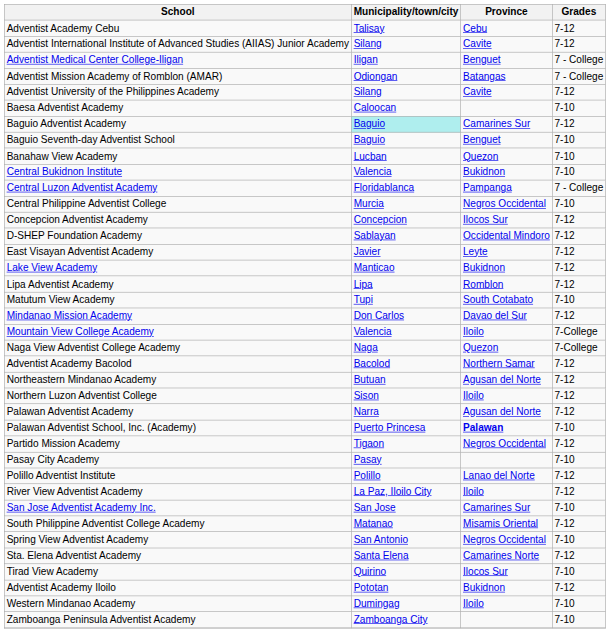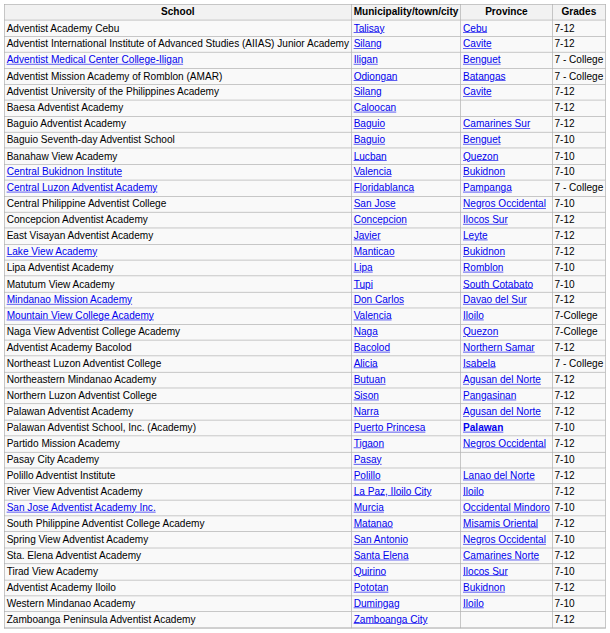 <table class="wikitable sortable" style="text-alignnorth:left;">
 <tr>
 <th>School</th>
 <th>Municipality/town/city</th>
 <th>Province</th>
 <th>Grades</th>
 </tr>
 <tr>
 <td>Adventist Academy Cebu </td>
 <td><a href='#'>Talisay</a></td>
 <td><a href='#'>Cebu</a></td>
 <td>7-12</td>
 </tr>
 <tr>
 <td>Adventist International Institute of Advanced Studies (AIIAS) Junior Academy</td>
 <td><a href='#'>Silang</a></td>
 <td><a href='#'>Cavite</a></td>
 <td>7-12</td>
 </tr>
 <tr>
 <td><a href='#'>Adventist Medical Center College-Iligan</a></td>
 <td><a href='#'>Iligan</a></td>
 <td><a href='#'>Benguet</a></td>
 <td>7 - College</td>
 </tr>
 <tr>
 <td>Adventist Mission Academy of Romblon (AMAR)</td>
 <td><a href='#'>Odiongan</a></td>
 <td><a href='#'>Batangas</a></td>
 <td>7 - College</td>
 </tr>
 <tr>
 <td>Adventist University of the Philippines Academy</td>
 <td><a href='#'>Silang</a></td>
 <td><a href='#'>Cavite</a></td>
 <td>7-12</td>
 </tr>
 <tr>
 <td>Baesa Adventist Academy</td>
 <td><a href='#'>Caloocan</a></td>
 <td></td>
-<td>7-10</td>
+<td>7-12</td>
 </tr>
 <tr>
 <td>Baguio Adventist Academy</td>
-<td style="background: paleturquoise;"><a href='#'>Baguio</a></td>
+<td><a href='#'>Baguio</a></td>
 <td><a href='#'>Camarines Sur</a></td>
 <td>7-12</td>
 </tr>
 <tr>
 <td>Baguio Seventh-day Adventist School</td>
 <td><a href='#'>Baguio</a></td>
 <td><a href='#'>Benguet</a></td>
 <td>7-10</td>
 </tr>
 <tr>
 <td>Banahaw View Academy</td>
 <td><a href='#'>Lucban</a></td>
 <td><a href='#'>Quezon</a></td>
 <td>7-10</td>
 </tr>
 <tr>
 <td><a href='#'>Central Bukidnon Institute</a></td>
 <td><a href='#'>Valencia</a></td>
 <td><a href='#'>Bukidnon</a></td>
 <td>7-10</td>
 </tr>
 <tr>
 <td><a href='#'>Central Luzon Adventist Academy</a></td>
 <td><a href='#'>Floridablanca</a></td>
 <td><a href='#'>Pampanga</a></td>
 <td>7 - College</td>
 </tr>
 <tr>
 <td>Central Philippine Adventist College</td>
-<td><a href='#'>Murcia</a></td>
+<td><a href='#'>San Jose</a></td>
 <td><a href='#'>Negros Occidental</a></td>
 <td>7-10</td>
 </tr>
 <tr>
 <td>Concepcion Adventist Academy</td>
 <td><a href='#'>Concepcion</a></td>
 <td><a href='#'>Ilocos Sur</a></td>
-<td>7-12</td>
-</tr>
-<tr>
-<td>D-SHEP Foundation Academy</td>
-<td><a href='#'>Sablayan</a></td>
-<td><a href='#'>Occidental Mindoro</a></td>
 <td>7-12</td>
 </tr>
 <tr>
 <td>East Visayan Adventist Academy</td>
 <td><a href='#'>Javier</a></td>
 <td><a href='#'>Leyte</a></td>
 <td>7-12</td>
 </tr>
 <tr>
 <td><a href='#'>Lake View Academy</a></td>
 <td><a href='#'>Manticao</a></td>
 <td><a href='#'>Bukidnon</a></td>
 <td>7-12</td>
 </tr>
 <tr>
 <td>Lipa Adventist Academy</td>
 <td><a href='#'>Lipa</a></td>
 <td><a href='#'>Romblon</a></td>
-<td>7-12</td>
+<td>7-10</td>
 </tr>
 <tr>
 <td>Matutum View Academy</td>
 <td><a href='#'>Tupi</a></td>
 <td><a href='#'>South Cotabato</a></td>
 <td>7-10</td>
 </tr>
 <tr>
 <td><a href='#'>Mindanao Mission Academy</a></td>
 <td><a href='#'>Don Carlos</a></td>
 <td><a href='#'>Davao del Sur</a></td>
 <td>7-12</td>
 </tr>
 <tr>
 <td><a href='#'>Mountain View College Academy</a></td>
 <td><a href='#'>Valencia</a></td>
 <td><a href='#'>Iloilo</a></td>
 <td>7-College</td>
 </tr>
 <tr>
 <td>Naga View Adventist College Academy</td>
 <td><a href='#'>Naga</a></td>
 <td><a href='#'>Quezon</a></td>
 <td>7-College</td>
 </tr>
 <tr>
 <td>Adventist Academy Bacolod </td>
 <td><a href='#'>Bacolod</a></td>
 <td><a href='#'>Northern Samar</a></td>
 <td>7-12</td>
 </tr>
 <tr>
+<td>Northeast Luzon Adventist College</td>
+<td><a href='#'>Alicia</a></td>
+<td><a href='#'>Isabela</a></td>
+<td>7 - College</td>
+</tr>
+<tr>
 <td>Northeastern Mindanao Academy</td>
 <td><a href='#'>Butuan</a></td>
 <td><a href='#'>Agusan del Norte</a></td>
 <td>7-12</td>
 </tr>
 <tr>
 <td>Northern Luzon Adventist College</td>
 <td><a href='#'>Sison</a></td>
-<td><a href='#'>Iloilo</a></td>
+<td><a href='#'>Pangasinan</a></td>
 <td>7-12</td>
 </tr>
 <tr>
 <td>Palawan Adventist Academy</td>
 <td><a href='#'>Narra</a></td>
 <td><a href='#'>Agusan del Norte</a></td>
 <td>7-12</td>
 </tr>
 <tr>
 <td>Palawan Adventist School, Inc. (Academy)</td>
 <td><a href='#'>Puerto Princesa</a></td>
 <td><strong><a href='#'>Palawan</a></strong></td>
 <td>7-10</td>
 </tr>
 <tr>
 <td>Partido Mission Academy</td>
 <td><a href='#'>Tigaon</a></td>
 <td><a href='#'>Negros Occidental</a></td>
 <td>7-12</td>
 </tr>
 <tr>
 <td>Pasay City Academy</td>
 <td><a href='#'>Pasay</a></td>
 <td></td>
 <td>7-10</td>
 </tr>
 <tr>
 <td>Polillo Adventist Institute</td>
 <td><a href='#'>Polillo</a></td>
 <td><a href='#'>Lanao del Norte</a></td>
 <td>7-12</td>
 </tr>
 <tr>
 <td>River View Adventist Academy</td>
 <td><a href='#'>La Paz, Iloilo City</a></td>
 <td><a href='#'>Iloilo</a></td>
 <td>7-12</td>
 </tr>
 <tr>
 <td><a href='#'>San Jose Adventist Academy Inc.</a></td>
-<td><a href='#'>San Jose</a></td>
-<td><a href='#'>Camarines Sur</a></td>
+<td><a href='#'>Murcia</a></td>
+<td><a href='#'>Occidental Mindoro</a></td>
 <td>7-10</td>
 </tr>
 <tr>
 <td>South Philippine Adventist College Academy</td>
 <td><a href='#'>Matanao</a></td>
 <td><a href='#'>Misamis Oriental</a></td>
 <td>7-12</td>
 </tr>
 <tr>
 <td>Spring View Adventist Academy</td>
 <td><a href='#'>San Antonio</a></td>
 <td><a href='#'>Negros Occidental</a></td>
 <td>7-10</td>
 </tr>
 <tr>
 <td>Sta. Elena Adventist Academy</td>
 <td><a href='#'>Santa Elena</a></td>
 <td><a href='#'>Camarines Norte</a></td>
 <td>7-12</td>
 </tr>
 <tr>
 <td>Tirad View Academy</td>
 <td><a href='#'>Quirino</a></td>
 <td><a href='#'>Ilocos Sur</a></td>
 <td>7-10</td>
 </tr>
 <tr>
 <td>Adventist Academy Iloilo </td>
 <td><a href='#'>Pototan</a></td>
 <td><a href='#'>Bukidnon</a></td>
 <td>7-12</td>
 </tr>
 <tr>
 <td>Western Mindanao Academy</td>
 <td><a href='#'>Dumingag</a></td>
 <td><a href='#'>Iloilo</a></td>
 <td>7-10</td>
 </tr>
 <tr>
 <td>Zamboanga Peninsula Adventist Academy</td>
 <td><a href='#'>Zamboanga City</a></td>
 <td></td>
-<td>7-10</td>
+<td>7-12</td>
 </tr>
 <tr>
 </tr>
 </table>
